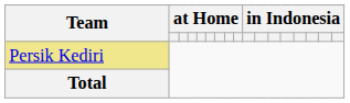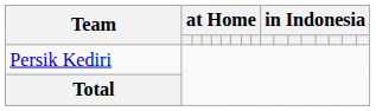 <table class="wikitable plainrowheaders sortable">
 <tr>
 <th width=140px rowspan=2>Team</th>
 <th colspan=8>at Home</th>
 <th colspan=8>in Indonesia</th>
 </tr>
 <tr>
 <th></th>
 <th></th>
 <th></th>
 <th></th>
 <th></th>
 <th></th>
 <th></th>
 <th></th>
 <th></th>
 <th></th>
 <th></th>
 <th></th>
 <th></th>
 <th></th>
 <th></th>
 <th></th>
 </tr>
 <tr>
-<td style="background: khaki;"><a href='#'>Persik Kediri</a><br> </td>
+<td><a href='#'>Persik Kediri</a><br> </td>
 </tr>
 <tr class="sortbottom">
 <th>Total<br> </th>
 </tr>
 </table>
